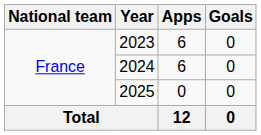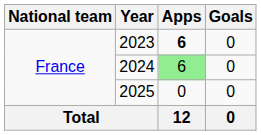 <table class="wikitable" style="text-align:center">
 <tr>
 <th>National team</th>
 <th>Year</th>
 <th>Apps</th>
 <th>Goals</th>
 </tr>
 <tr>
 <td rowspan="3"><a href='#'>France</a></td>
 <td>2023</td>
-<td>6</td>
+<td><strong>6</strong></td>
 <td>0</td>
 </tr>
 <tr>
 <td>2024</td>
-<td>6</td>
+<td style="background: lightgreen;">6</td>
 <td>0</td>
 </tr>
 <tr>
 <td>2025</td>
 <td>0</td>
 <td>0</td>
 </tr>
 <tr>
 <th colspan="2">Total</th>
 <th>12</th>
 <th>0</th>
 </tr>
 </table>
